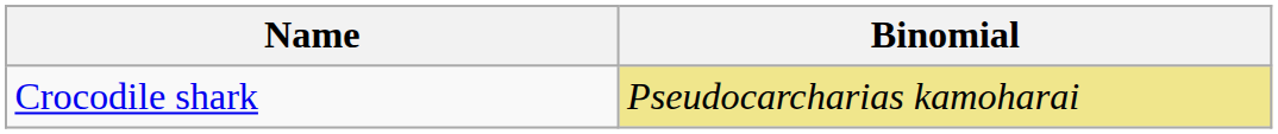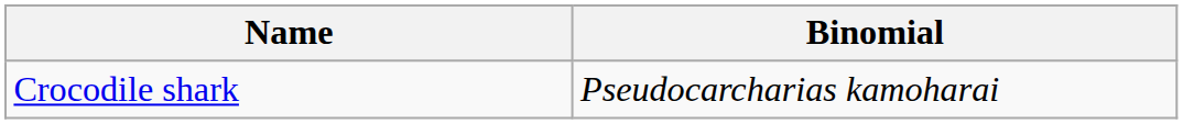 <table width=60% class="wikitable">
 <tr>
 <th width=20%>Name</th>
 <th width=20%>Binomial</th>
 </tr>
 <tr>
 <td><a href='#'>Crocodile shark</a><br></td>
-<td style="background: khaki;"><em>Pseudocarcharias kamoharai</em></td>
+<td><em>Pseudocarcharias kamoharai</em></td>
 </tr>
 </table>
